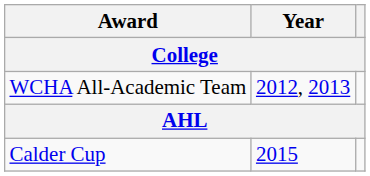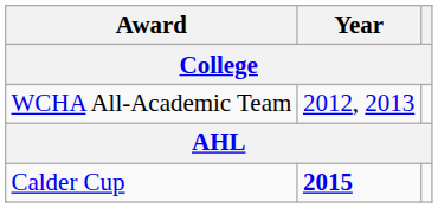 <table class="wikitable">
 <tr>
 <th>Award</th>
 <th>Year</th>
 <th></th>
 </tr>
 <tr>
 <th colspan="3"><a href='#'>College</a></th>
 </tr>
 <tr>
 <td><a href='#'>WCHA</a> All-Academic Team</td>
 <td><a href='#'>2012</a>, <a href='#'>2013</a></td>
 <td></td>
 </tr>
 <tr>
 <th colspan="3"><a href='#'>AHL</a></th>
 </tr>
 <tr>
 <td><a href='#'>Calder Cup</a></td>
-<td><a href='#'>2015</a></td>
+<td><strong><a href='#'>2015</a></strong></td>
 <td></td>
 </tr>
 </table>
